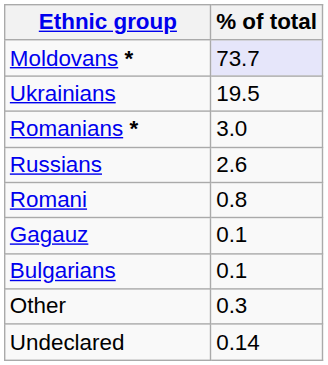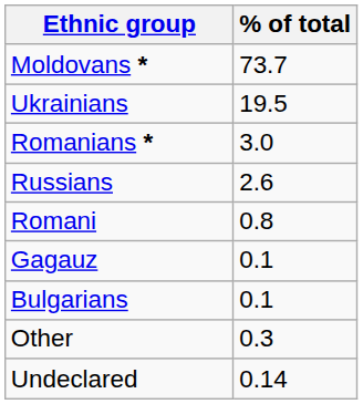 <table class="wikitable sortable">
 <tr>
 <th style="width:140px;"><a href='#'>Ethnic group</a></th>
 <th>% of total</th>
 </tr>
 <tr>
 <td><a href='#'>Moldovans</a> <strong>*</strong></td>
-<td style="background: lavender;">73.7</td>
+<td>73.7</td>
 </tr>
 <tr>
 <td><a href='#'>Ukrainians</a></td>
 <td>19.5</td>
 </tr>
 <tr>
 <td><a href='#'>Romanians</a> <strong>*</strong></td>
 <td>3.0</td>
 </tr>
 <tr>
 <td><a href='#'>Russians</a></td>
 <td>2.6</td>
 </tr>
 <tr>
 <td><a href='#'>Romani</a></td>
 <td>0.8</td>
 </tr>
 <tr>
 <td><a href='#'>Gagauz</a></td>
 <td>0.1</td>
 </tr>
 <tr>
 <td><a href='#'>Bulgarians</a></td>
 <td>0.1</td>
 </tr>
 <tr>
 <td>Other</td>
 <td>0.3</td>
 </tr>
 <tr>
 <td>Undeclared</td>
 <td>0.14</td>
 </tr>
 </table>
